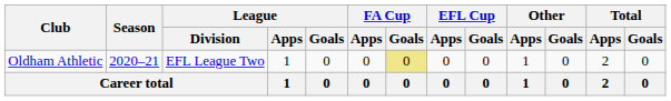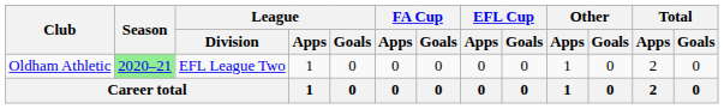 <table class="wikitable" style="text-align:center;">
 <tr>
 <th rowspan="2">Club</th>
 <th rowspan="2">Season</th>
 <th colspan="3">League</th>
 <th colspan="2"><a href='#'>FA Cup</a></th>
 <th colspan="2"><a href='#'>EFL Cup</a></th>
 <th colspan="2">Other</th>
 <th colspan="2">Total</th>
 </tr>
 <tr>
 <th>Division</th>
 <th>Apps</th>
 <th>Goals</th>
 <th>Apps</th>
 <th>Goals</th>
 <th>Apps</th>
 <th>Goals</th>
 <th>Apps</th>
 <th>Goals</th>
 <th>Apps</th>
 <th>Goals</th>
 </tr>
 <tr>
 <td><a href='#'>Oldham Athletic</a></td>
-<td><a href='#'>2020–21</a></td>
+<td style="background: lightgreen;"><a href='#'>2020–21</a></td>
 <td><a href='#'>EFL League Two</a></td>
 <td>1</td>
 <td>0</td>
 <td>0</td>
-<td style="background: khaki;">0</td>
+<td>0</td>
 <td>0</td>
 <td>0</td>
 <td>1</td>
 <td>0</td>
 <td>2</td>
 <td>0</td>
 </tr>
 <tr>
 <th colspan="3">Career total</th>
 <th>1</th>
 <th>0</th>
 <th>0</th>
 <th>0</th>
 <th>0</th>
 <th>0</th>
 <th>1</th>
 <th>0</th>
 <th>2</th>
 <th>0</th>
 </tr>
 </table>
